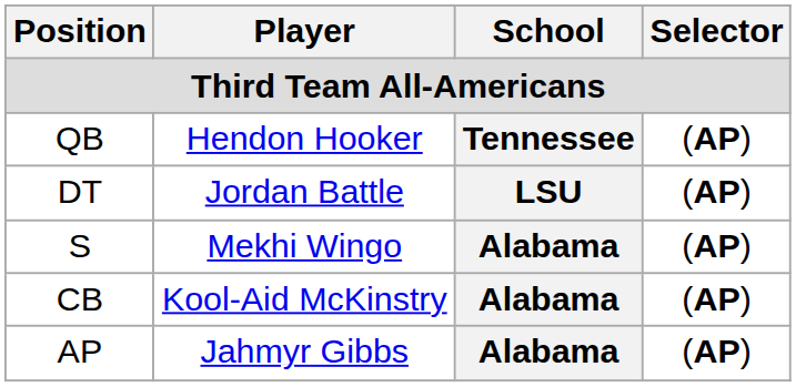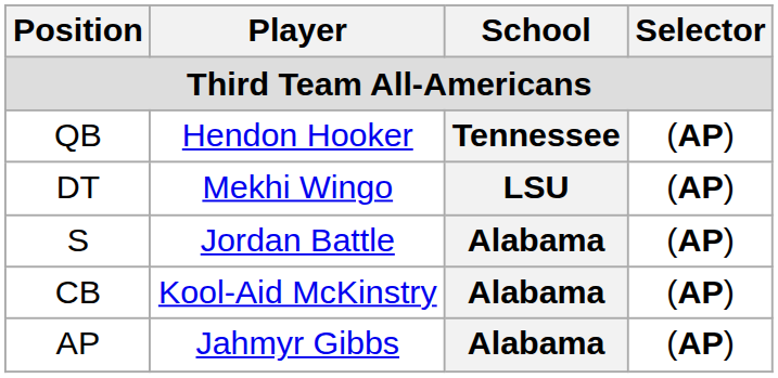 <table class="wikitable">
 <tr>
 <th>Position</th>
 <th>Player</th>
 <th>School</th>
 <th>Selector</th>
 </tr>
 <tr>
 <td colspan="6" style="text-align:center; background:#ddd;"><strong>Third Team All-Americans</strong></td>
 </tr>
 <tr style="text-align:center;">
 <td style="background:white">QB</td>
 <td style="background:white"><a href='#'>Hendon Hooker</a></td>
 <th>Tennessee</th>
 <td style="background:white">(<strong>AP</strong>)</td>
 </tr>
 <tr style="text-align:center;">
 <td style="background:white">DT</td>
-<td style="background:white"><a href='#'>Jordan Battle</a></td>
+<td style="background:white"><a href='#'>Mekhi Wingo</a></td>
 <th>LSU</th>
 <td style="background:white">(<strong>AP</strong>)</td>
 </tr>
 <tr style="text-align:center;">
 <td style="background:white">S</td>
-<td style="background:white"><a href='#'>Mekhi Wingo</a></td>
+<td style="background:white"><a href='#'>Jordan Battle</a></td>
 <th>Alabama</th>
 <td style="background:white">(<strong>AP</strong>)</td>
 </tr>
 <tr style="text-align:center;">
 <td style="background:white">CB</td>
 <td style="background:white"><a href='#'>Kool-Aid McKinstry</a></td>
 <th>Alabama</th>
 <td style="background:white">(<strong>AP</strong>)</td>
 </tr>
 <tr style="text-align:center;">
 <td style="background:white">AP</td>
 <td style="background:white"><a href='#'>Jahmyr Gibbs</a></td>
 <th>Alabama</th>
 <td style="background:white">(<strong>AP</strong>)</td>
 </tr>
 </table>
